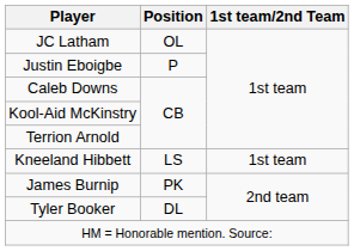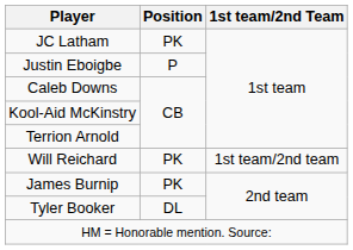 <table class="wikitable" style="text-align: center">
 <tr align=center>
 <th>Player</th>
 <th>Position</th>
 <th>1st team/2nd Team</th>
 </tr>
 <tr>
 <td>JC Latham</td>
-<td>OL</td>
+<td>PK</td>
 <td rowspan=5>1st team</td>
 </tr>
 <tr>
 <td>Justin Eboigbe</td>
 <td>P</td>
 </tr>
 <tr>
 <td>Caleb Downs</td>
 <td rowspan=3>CB</td>
 </tr>
 <tr>
 <td>Kool-Aid McKinstry</td>
 </tr>
 <tr>
 <td>Terrion Arnold</td>
 </tr>
 <tr>
-<td>Kneeland Hibbett</td>
-<td>LS</td>
-<td>1st team</td>
+<td>Will Reichard</td>
+<td>PK</td>
+<td>1st team/2nd team</td>
 </tr>
 <tr>
 <td>James Burnip</td>
 <td>PK</td>
 <td rowspan=2>2nd team</td>
 </tr>
 <tr>
 <td>Tyler Booker</td>
 <td>DL</td>
 </tr>
 <tr>
 <td colspan="3"><small>HM = Honorable mention. Source: </small> </td>
 </tr>
 </table>
